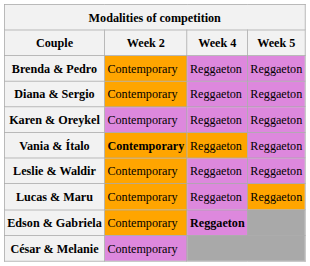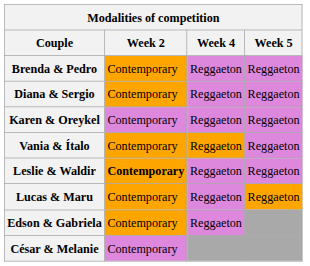 <table class="wikitable collapsible collapsed" style="text-align:left; font-size:95%; line-height:25px;">
 <tr>
 <th colspan=9>Modalities of competition</th>
 </tr>
 <tr>
 <th>Couple</th>
 <th>Week 2</th>
 <th>Week 4</th>
 <th>Week 5</th>
 </tr>
 <tr>
 <th>Brenda & Pedro</th>
 <td style="background:orange;">Contemporary</td>
 <td style="background:#dd88dd;">Reggaeton</td>
 <td style="background:#dd88dd;">Reggaeton</td>
 </tr>
 <tr>
 <th>Diana & Sergio</th>
 <td style="background:orange;">Contemporary</td>
 <td style="background:#dd88dd;">Reggaeton</td>
 <td style="background:#dd88dd;">Reggaeton</td>
 </tr>
 <tr>
 <th>Karen & Oreykel</th>
 <td style="background:#dd88dd;">Contemporary</td>
 <td style="background:#dd88dd;">Reggaeton</td>
 <td style="background:#dd88dd;">Reggaeton</td>
 </tr>
 <tr>
 <th>Vania & Ítalo</th>
-<td style="background:orange;"><strong>Contemporary</strong></td>
+<td style="background:orange;">Contemporary</td>
 <td style="background:orange;">Reggaeton</td>
 <td style="background:#dd88dd;">Reggaeton</td>
 </tr>
 <tr>
 <th>Leslie & Waldir</th>
-<td style="background:orange;">Contemporary</td>
+<td style="background:orange;"><strong>Contemporary</strong></td>
 <td style="background:#dd88dd;">Reggaeton</td>
 <td style="background:#dd88dd;">Reggaeton</td>
 </tr>
 <tr>
 <th>Lucas & Maru</th>
 <td style="background:orange;">Contemporary</td>
 <td style="background:#dd88dd;">Reggaeton</td>
 <td style="background:orange;">Reggaeton</td>
 </tr>
 <tr>
 <th>Edson & Gabriela</th>
 <td style="background:orange;">Contemporary</td>
-<td style="background:#dd88dd;"><strong>Reggaeton</strong></td>
+<td style="background:#dd88dd;">Reggaeton</td>
 <td colspan=1 style="background:darkgrey;"></td>
 </tr>
 <tr>
 <th>César & Melanie</th>
 <td style="background:#dd88dd;">Contemporary</td>
 <td colspan=2 style="background:darkgrey;"></td>
 </tr>
 </table>
